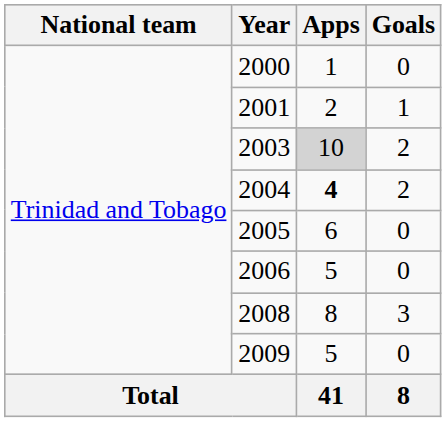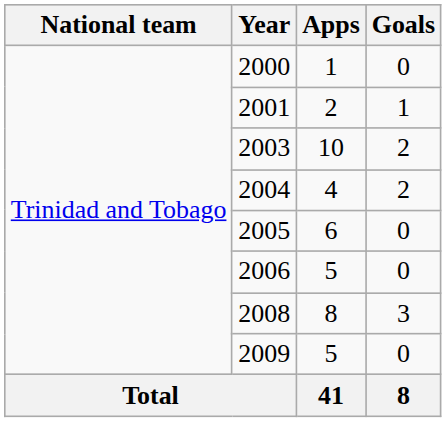 <table class="wikitable" style="text-align:center">
 <tr>
 <th>National team</th>
 <th>Year</th>
 <th>Apps</th>
 <th>Goals</th>
 </tr>
 <tr>
 <td rowspan="8"><a href='#'>Trinidad and Tobago</a></td>
 <td>2000</td>
 <td>1</td>
 <td>0</td>
 </tr>
 <tr>
 <td>2001</td>
 <td>2</td>
 <td>1</td>
 </tr>
 <tr>
 <td>2003</td>
-<td style="background: lightgrey;">10</td>
+<td>10</td>
 <td>2</td>
 </tr>
 <tr>
 <td>2004</td>
-<td><strong>4</strong></td>
+<td>4</td>
 <td>2</td>
 </tr>
 <tr>
 <td>2005</td>
 <td>6</td>
 <td>0</td>
 </tr>
 <tr>
 <td>2006</td>
 <td>5</td>
 <td>0</td>
 </tr>
 <tr>
 <td>2008</td>
 <td>8</td>
 <td>3</td>
 </tr>
 <tr>
 <td>2009</td>
 <td>5</td>
 <td>0</td>
 </tr>
 <tr>
 <th colspan="2">Total</th>
 <th>41</th>
 <th>8</th>
 </tr>
 </table>
